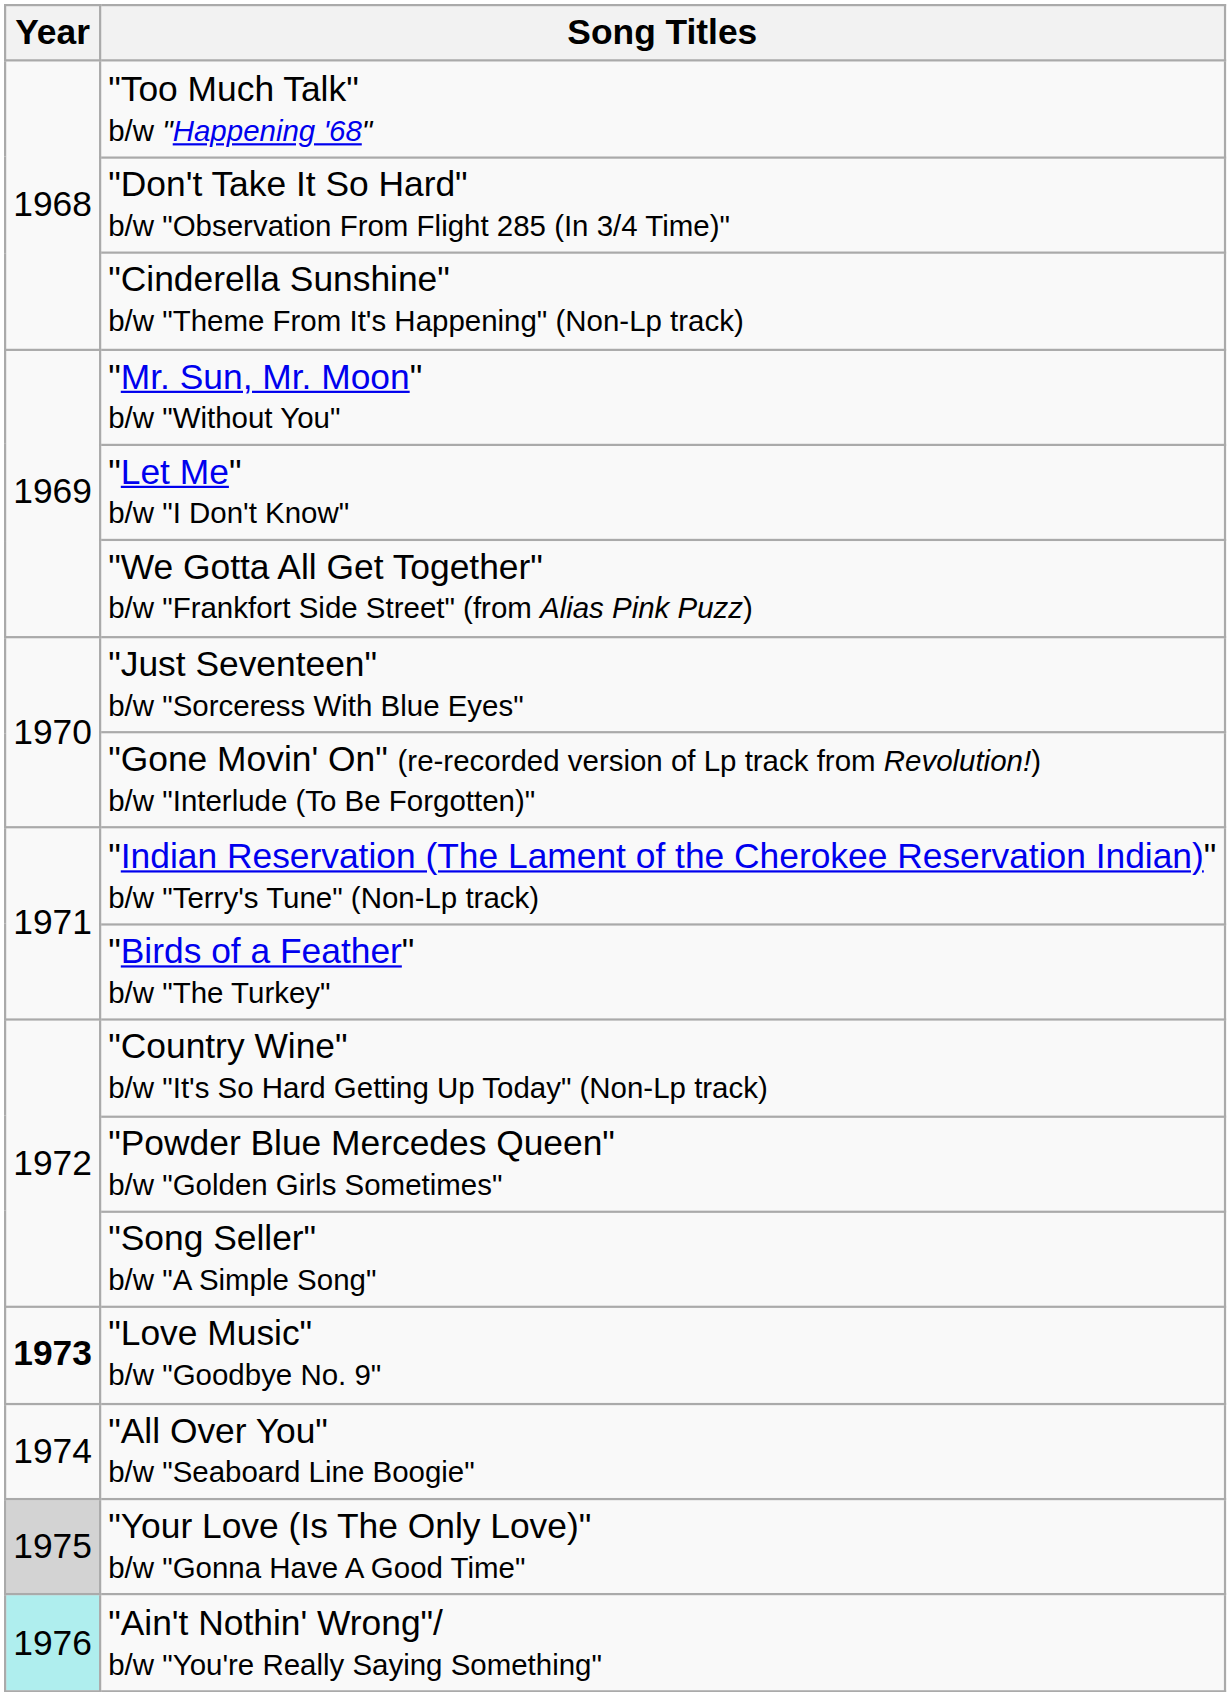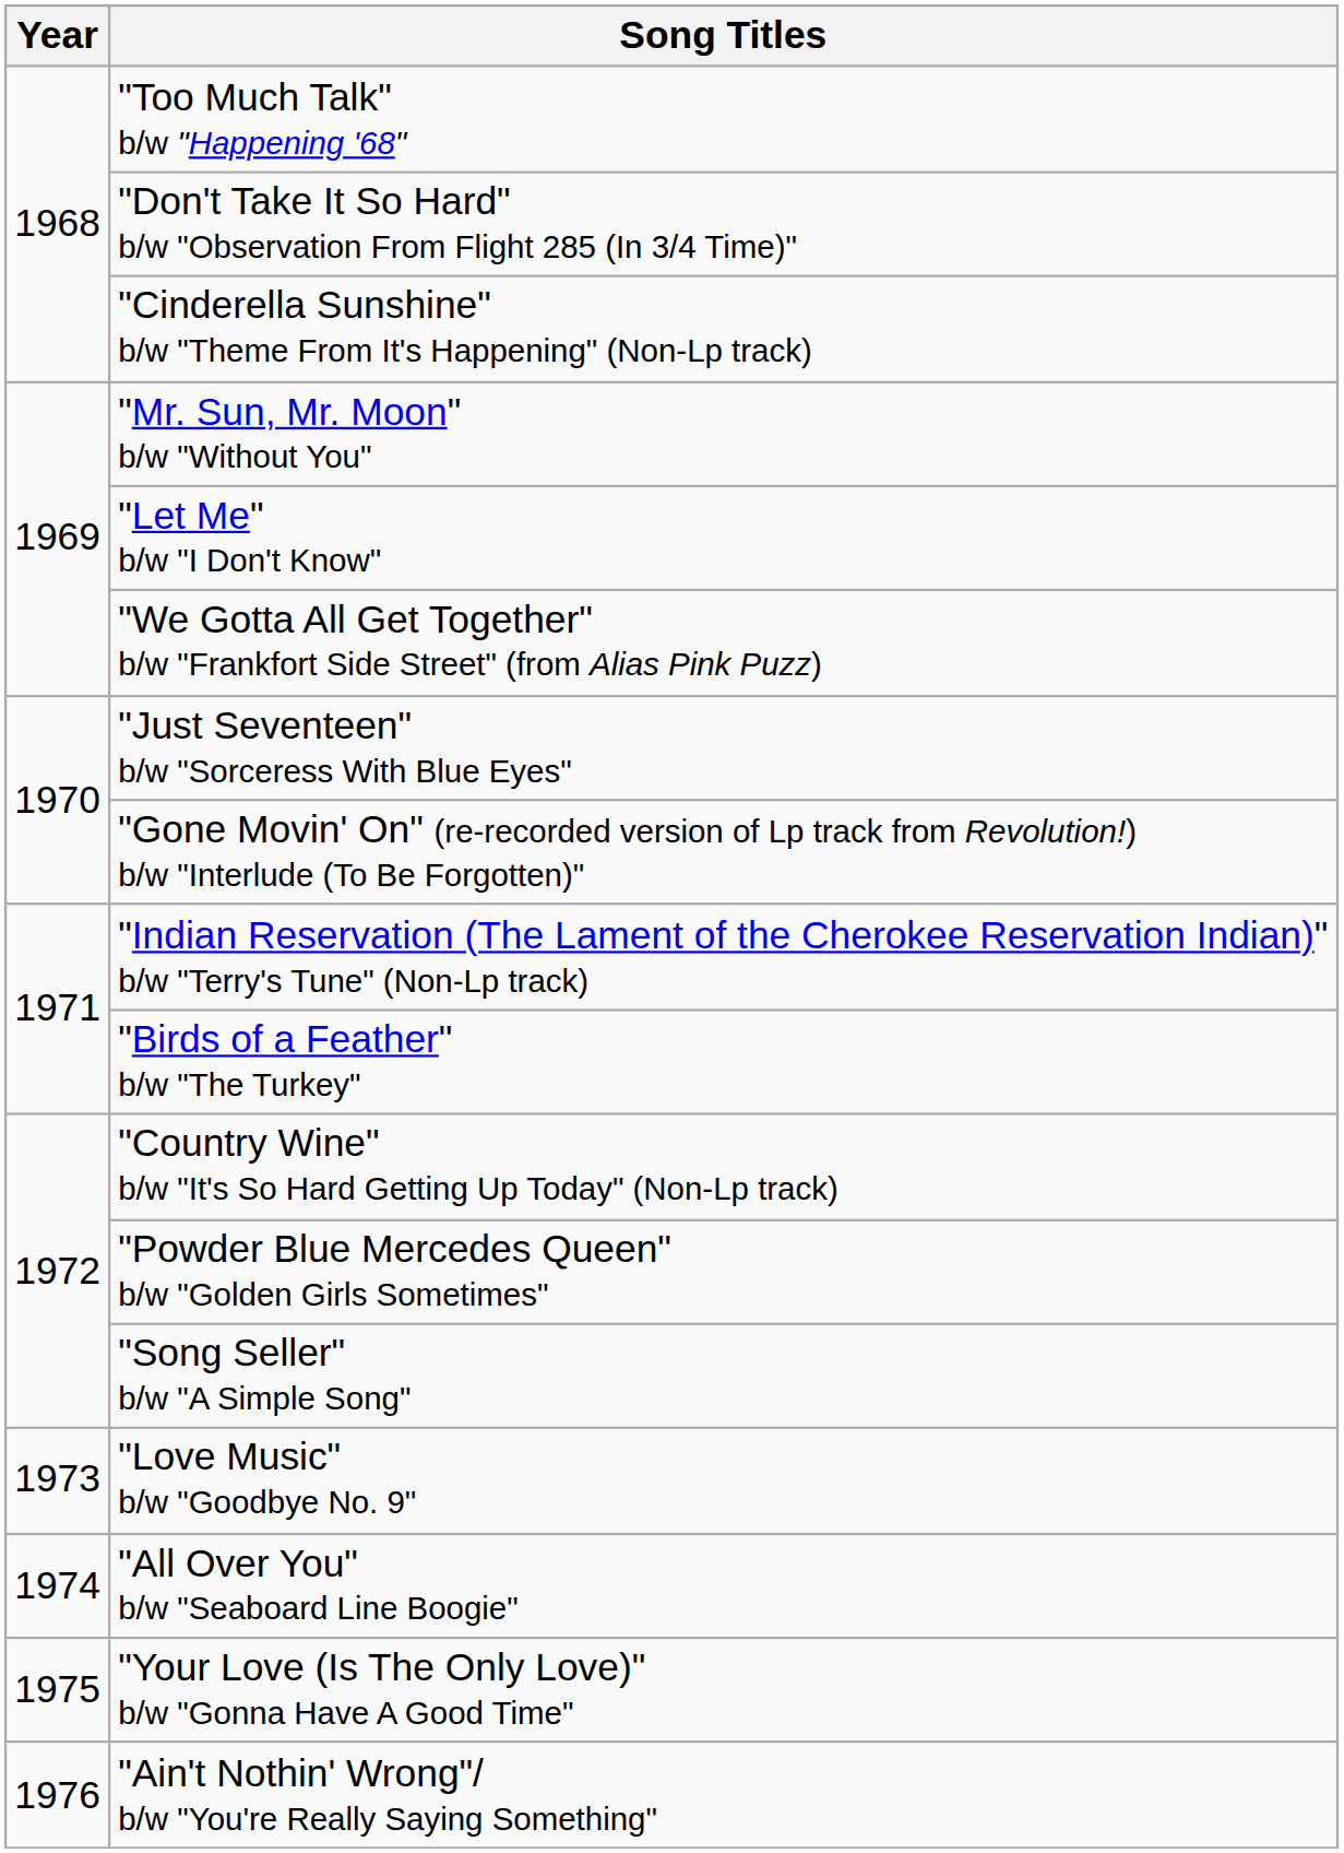 <table class="wikitable">
 <tr>
 <th>Year</th>
 <th>Song Titles</th>
 </tr>
 <tr>
 <td rowspan="3">1968</td>
 <td>"Too Much Talk"<br><small>b/w <em>"<a href='#'>Happening '68</a>"</em></small></td>
 </tr>
 <tr>
 <td>"Don't Take It So Hard"<br><small>b/w "Observation From Flight 285 (In 3/4 Time)"</small></td>
 </tr>
 <tr>
 <td>"Cinderella Sunshine"<br><small>b/w "Theme From It's Happening" (Non-Lp track)</small></td>
 </tr>
 <tr>
 <td rowspan="3">1969</td>
 <td>"<a href='#'>Mr. Sun, Mr. Moon</a>"<br><small>b/w "Without You"</small></td>
 </tr>
 <tr>
 <td>"<a href='#'>Let Me</a>"<br><small>b/w "I Don't Know"</small></td>
 </tr>
 <tr>
 <td>"We Gotta All Get Together"<br><small>b/w "Frankfort Side Street" (from <em>Alias Pink Puzz</em>)</small></td>
 </tr>
 <tr>
 <td rowspan="2">1970</td>
 <td>"Just Seventeen"<br><small>b/w "Sorceress With Blue Eyes"</small></td>
 </tr>
 <tr>
 <td>"Gone Movin' On" <small>(re-recorded version of Lp track from <em>Revolution!</em>)</small><br><small>b/w "Interlude (To Be Forgotten)"</small></td>
 </tr>
 <tr>
 <td rowspan="2">1971</td>
 <td>"<a href='#'>Indian Reservation (The Lament of the Cherokee Reservation Indian)</a>"<br><small>b/w "Terry's Tune" (Non-Lp track)</small></td>
 </tr>
 <tr>
 <td>"<a href='#'>Birds of a Feather</a>"<br><small>b/w "The Turkey"</small></td>
 </tr>
 <tr>
 <td rowspan="3">1972</td>
 <td>"Country Wine"<br><small>b/w "It's So Hard Getting Up Today" (Non-Lp track)</small></td>
 </tr>
 <tr>
 <td>"Powder Blue Mercedes Queen"<br><small>b/w "Golden Girls Sometimes"</small></td>
 </tr>
 <tr>
 <td>"Song Seller"<br><small>b/w "A Simple Song"</small></td>
 </tr>
 <tr>
-<td><strong>1973</strong></td>
+<td>1973</td>
 <td>"Love Music"<br><small>b/w "Goodbye No. 9"</small></td>
 </tr>
 <tr>
 <td>1974</td>
 <td>"All Over You"<br><small>b/w "Seaboard Line Boogie"</small></td>
 </tr>
 <tr>
-<td style="background: lightgrey;">1975</td>
+<td>1975</td>
 <td>"Your Love (Is The Only Love)"<br><small>b/w "Gonna Have A Good Time"</small></td>
 </tr>
 <tr>
-<td style="background: paleturquoise;">1976</td>
+<td>1976</td>
 <td>"Ain't Nothin' Wrong"/<br><small>b/w "You're Really Saying Something"</small></td>
 </tr>
 </table>
